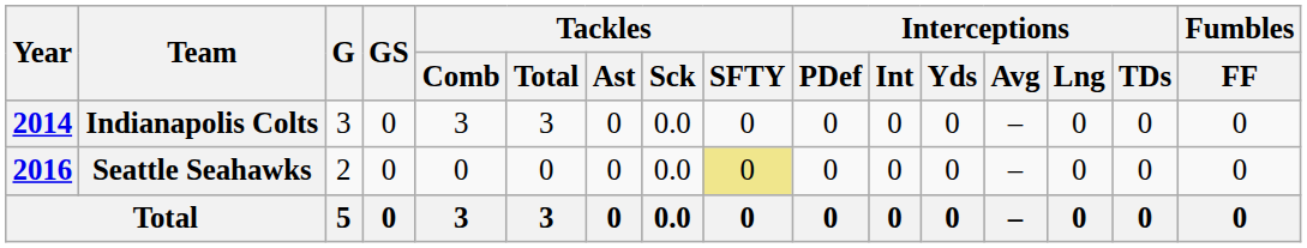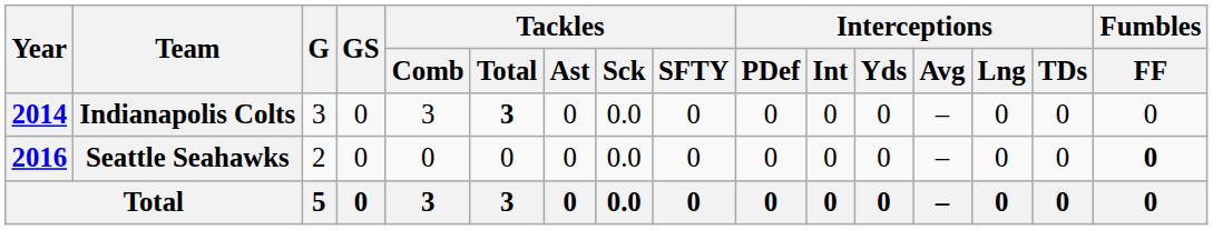 <table class="wikitable" style="text-align: center;">
 <tr>
 <th rowspan="2">Year</th>
 <th rowspan="2">Team</th>
 <th rowspan="2">G</th>
 <th rowspan="2">GS</th>
 <th colspan="5">Tackles</th>
 <th colspan="6">Interceptions</th>
 <th colspan="4">Fumbles</th>
 </tr>
 <tr>
 <th>Comb</th>
 <th>Total</th>
 <th>Ast</th>
 <th>Sck</th>
 <th>SFTY</th>
 <th>PDef</th>
 <th>Int</th>
 <th>Yds</th>
 <th>Avg</th>
 <th>Lng</th>
 <th>TDs</th>
 <th>FF</th>
 </tr>
 <tr>
 <th><a href='#'>2014</a></th>
 <th>Indianapolis Colts</th>
 <td>3</td>
 <td>0</td>
 <td>3</td>
-<td>3</td>
+<td><strong>3</strong></td>
 <td>0</td>
 <td>0.0</td>
 <td>0</td>
 <td>0</td>
 <td>0</td>
 <td>0</td>
 <td>–</td>
 <td>0</td>
 <td>0</td>
 <td>0</td>
 </tr>
 <tr>
 <th><a href='#'>2016</a></th>
 <th>Seattle Seahawks</th>
 <td>2</td>
 <td>0</td>
 <td>0</td>
 <td>0</td>
 <td>0</td>
 <td>0.0</td>
-<td style="background: khaki;">0</td>
+<td>0</td>
 <td>0</td>
 <td>0</td>
 <td>0</td>
 <td>–</td>
 <td>0</td>
 <td>0</td>
-<td>0</td>
+<td><strong>0</strong></td>
 </tr>
 <tr>
 <th colspan="2">Total</th>
 <th>5</th>
 <th>0</th>
 <th>3</th>
 <th>3</th>
 <th>0</th>
 <th>0.0</th>
 <th>0</th>
 <th>0</th>
 <th>0</th>
 <th>0</th>
 <th>–</th>
 <th>0</th>
 <th>0</th>
 <th>0</th>
 </tr>
 </table>
